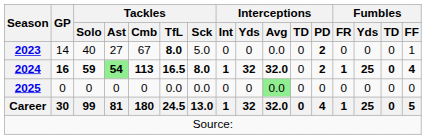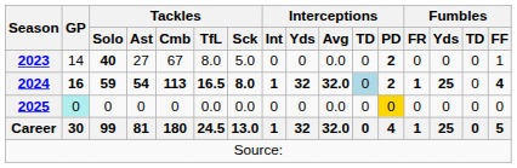 <table class="wikitable" style="text-align:center;">
 <tr>
 <th rowspan="2">Season</th>
 <th rowspan="2">GP</th>
 <th colspan="5">Tackles</th>
 <th colspan="5">Interceptions</th>
 <th colspan="4">Fumbles</th>
 </tr>
 <tr>
 <th>Solo</th>
 <th>Ast</th>
 <th>Cmb</th>
 <th>TfL</th>
 <th>Sck</th>
 <th>Int</th>
 <th>Yds</th>
 <th>Avg</th>
 <th>TD</th>
 <th>PD</th>
 <th>FR</th>
 <th>Yds</th>
 <th>TD</th>
 <th>FF</th>
 </tr>
 <tr>
 <th><a href='#'>2023</a></th>
 <td>14</td>
-<td>40</td>
+<td><strong>40</strong></td>
 <td>27</td>
 <td>67</td>
-<td><strong>8.0</strong></td>
+<td>8.0</td>
 <td>5.0</td>
 <td>0</td>
 <td>0</td>
 <td>0.0</td>
 <td>0</td>
 <td><strong>2</strong></td>
 <td>0</td>
 <td>0</td>
 <td>0</td>
 <td>1</td>
 </tr>
 <tr>
 <th><a href='#'>2024</a></th>
 <td><strong>16</strong></td>
 <td><strong>59</strong></td>
-<td style="background: lightgreen;"><strong>54</strong></td>
+<td><strong>54</strong></td>
 <td><strong>113</strong></td>
 <td><strong>16.5</strong></td>
 <td><strong>8.0</strong></td>
 <td><strong>1</strong></td>
 <td><strong>32</strong></td>
 <td><strong>32.0</strong></td>
-<td>0</td>
+<td style="background: lightblue;">0</td>
 <td><strong>2</strong></td>
 <td><strong>1</strong></td>
 <td><strong>25</strong></td>
-<td><strong>0</strong></td>
+<td>0</td>
 <td><strong>4</strong></td>
 </tr>
 <tr>
 <th><a href='#'>2025</a></th>
-<td>0</td>
+<td style="background: paleturquoise;">0</td>
 <td>0</td>
 <td>0</td>
 <td>0</td>
 <td>0.0</td>
 <td>0.0</td>
 <td>0</td>
 <td>0</td>
-<td style="background: lightgreen;">0.0</td>
+<td>0.0</td>
 <td>0</td>
-<td>0</td>
+<td style="background: gold;">0</td>
 <td>0</td>
 <td>0</td>
 <td>0</td>
 <td>0</td>
 </tr>
 <tr>
 <th>Career</th>
 <th>30</th>
 <th>99</th>
 <th>81</th>
 <th>180</th>
 <th>24.5</th>
 <th>13.0</th>
 <th>1</th>
 <th>32</th>
 <th>32.0</th>
 <th>0</th>
 <th>4</th>
 <th>1</th>
 <th>25</th>
 <th>0</th>
 <th>5</th>
 </tr>
 <tr>
 <td colspan="16">Source:</td>
 </tr>
 </table>
